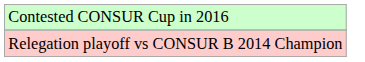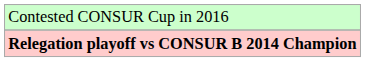 <table class="wikitable">
 <tr>
 </tr>
 <tr width=10px bgcolor=ccffcc>
 <td>Contested CONSUR Cup in 2016</td>
 </tr>
 <tr>
 </tr>
 <tr width=10px bgcolor="#ffcccc">
-<td>Relegation playoff vs CONSUR B 2014 Champion</td>
+<td><strong>Relegation playoff vs CONSUR B 2014 Champion</strong></td>
 </tr>
 </table>
